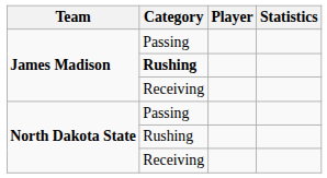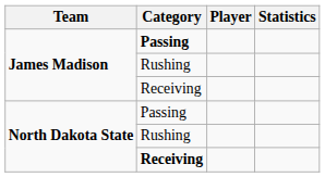 <table class="wikitable" style="float: right;">
 <tr>
 <th>Team</th>
 <th>Category</th>
 <th>Player</th>
 <th>Statistics</th>
 </tr>
 <tr>
 <td rowspan=3><strong>James Madison</strong></td>
-<td>Passing</td>
+<td><strong>Passing</strong></td>
 <td></td>
 <td></td>
 </tr>
 <tr>
-<td><strong>Rushing</strong></td>
+<td>Rushing</td>
 <td></td>
 <td></td>
 </tr>
 <tr>
 <td>Receiving</td>
 <td></td>
 <td></td>
 </tr>
 <tr>
 <td rowspan=3><strong>North Dakota State</strong></td>
 <td>Passing</td>
 <td></td>
 <td></td>
 </tr>
 <tr>
 <td>Rushing</td>
 <td></td>
 <td></td>
 </tr>
 <tr>
-<td>Receiving</td>
+<td><strong>Receiving</strong></td>
 <td></td>
 <td></td>
 </tr>
 </table>
